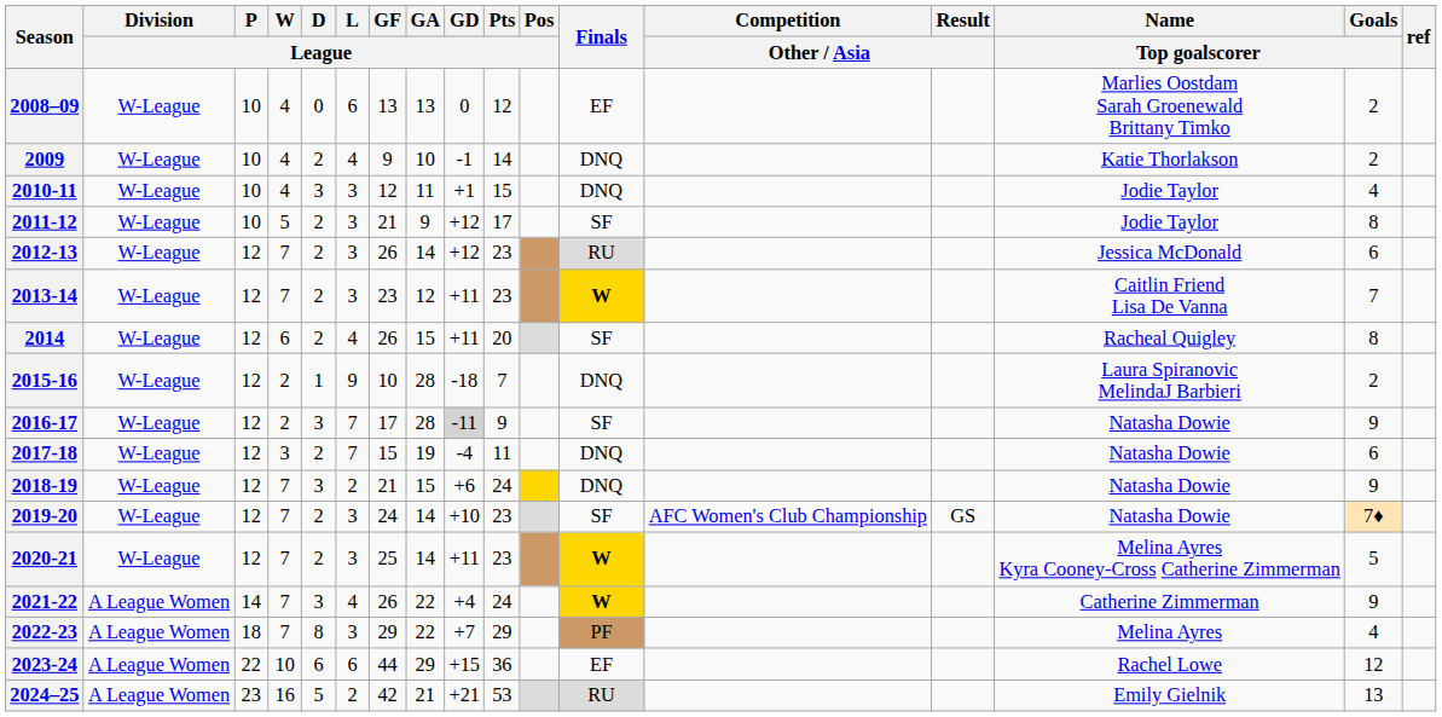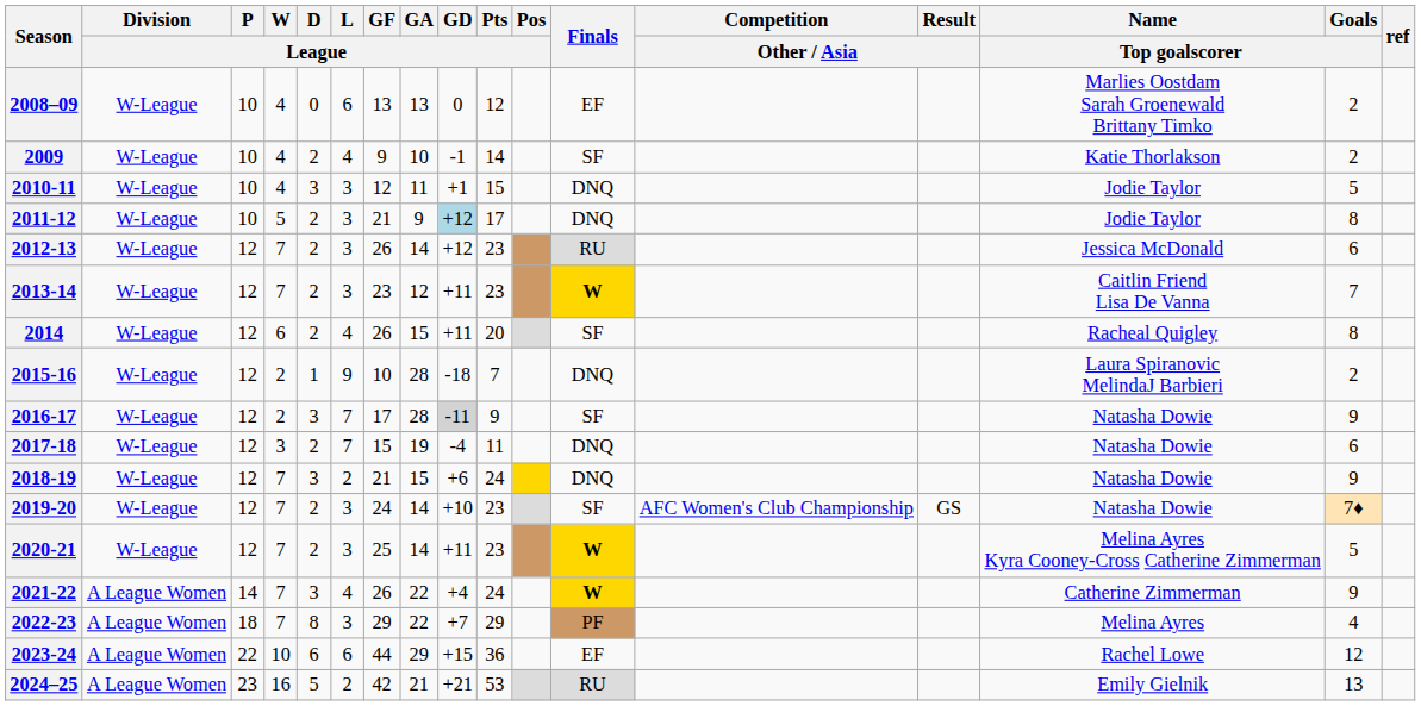 <table class="wikitable sortable" style="text-align: center">
 <tr>
 <th rowspan="2" scope="col">Season</th>
 <th scope="col">Division</th>
 <th scope="col" width="20">P</th>
 <th scope="col" width="20">W</th>
 <th scope="col" width="20">D</th>
 <th scope="col" width="20">L</th>
 <th scope="col" width="20">GF</th>
 <th scope="col" width="20">GA</th>
 <th>GD</th>
 <th scope="col" width="20">Pts</th>
 <th scope="col">Pos</th>
 <th rowspan="2" class="unsortable" scope="col" width="6%"><a href='#'>Finals</a></th>
 <th scope="col">Competition</th>
 <th scope="col">Result</th>
 <th>Name</th>
 <th>Goals</th>
 <th rowspan="2">ref</th>
 </tr>
 <tr class="unsortable">
 <th colspan="10" scope="col">League</th>
 <th colspan="2" scope="col">Other / <a href='#'>Asia</a></th>
 <th colspan="2">Top goalscorer</th>
 </tr>
 <tr>
 <th><a href='#'>2008–09</a></th>
 <td><a href='#'>W-League</a></td>
 <td>10</td>
 <td>4</td>
 <td>0</td>
 <td>6</td>
 <td>13</td>
 <td>13</td>
 <td>0</td>
 <td>12</td>
 <td></td>
 <td>EF</td>
 <td></td>
 <td></td>
 <td><a href='#'>Marlies Oostdam</a><br><a href='#'>Sarah Groenewald</a><br><a href='#'>Brittany Timko</a></td>
 <td>2</td>
 <td></td>
 </tr>
 <tr>
 <th><a href='#'>2009</a></th>
 <td><a href='#'>W-League</a></td>
 <td>10</td>
 <td>4</td>
 <td>2</td>
 <td>4</td>
 <td>9</td>
 <td>10</td>
 <td>-1</td>
 <td>14</td>
 <td></td>
-<td>DNQ</td>
+<td>SF</td>
 <td></td>
 <td></td>
 <td><a href='#'>Katie Thorlakson</a></td>
 <td>2</td>
 <td></td>
 </tr>
 <tr>
 <th><a href='#'>2010-11</a></th>
 <td><a href='#'>W-League</a></td>
 <td>10</td>
 <td>4</td>
 <td>3</td>
 <td>3</td>
 <td>12</td>
 <td>11</td>
 <td>+1</td>
 <td>15</td>
 <td></td>
 <td>DNQ</td>
 <td></td>
 <td></td>
 <td><a href='#'>Jodie Taylor</a></td>
-<td>4</td>
+<td>5</td>
 <td></td>
 </tr>
 <tr>
 <th><a href='#'>2011-12</a></th>
 <td><a href='#'>W-League</a></td>
 <td>10</td>
 <td>5</td>
 <td>2</td>
 <td>3</td>
 <td>21</td>
 <td>9</td>
-<td>+12</td>
+<td style="background: lightblue;">+12</td>
 <td>17</td>
 <td></td>
-<td>SF</td>
+<td>DNQ</td>
 <td></td>
 <td></td>
 <td><a href='#'>Jodie Taylor</a></td>
 <td>8</td>
 <td></td>
 </tr>
 <tr>
 <th><a href='#'>2012-13</a></th>
 <td><a href='#'>W-League</a></td>
 <td>12</td>
 <td>7</td>
 <td>2</td>
 <td>3</td>
 <td>26</td>
 <td>14</td>
 <td>+12</td>
 <td>23</td>
 <td bgcolor="#CC9966"></td>
 <td bgcolor="#DCDCDC">RU</td>
 <td></td>
 <td></td>
 <td><a href='#'>Jessica McDonald</a></td>
 <td>6</td>
 <td></td>
 </tr>
 <tr>
 <th><a href='#'>2013-14</a></th>
 <td><a href='#'>W-League</a></td>
 <td>12</td>
 <td>7</td>
 <td>2</td>
 <td>3</td>
 <td>23</td>
 <td>12</td>
 <td>+11</td>
 <td>23</td>
 <td bgcolor="#CC9966"></td>
 <td bgcolor="gold"><strong>W</strong></td>
 <td></td>
 <td></td>
 <td><a href='#'>Caitlin Friend</a><br><a href='#'>Lisa De Vanna</a></td>
 <td>7</td>
 <td></td>
 </tr>
 <tr>
 <th><a href='#'>2014</a></th>
 <td><a href='#'>W-League</a></td>
 <td>12</td>
 <td>6</td>
 <td>2</td>
 <td>4</td>
 <td>26</td>
 <td>15</td>
 <td>+11</td>
 <td>20</td>
 <td bgcolor="#DCDCDC"></td>
 <td>SF</td>
 <td></td>
 <td></td>
 <td><a href='#'>Racheal Quigley</a></td>
 <td>8</td>
 <td></td>
 </tr>
 <tr>
 <th><a href='#'>2015-16</a></th>
 <td><a href='#'>W-League</a></td>
 <td>12</td>
 <td>2</td>
 <td>1</td>
 <td>9</td>
 <td>10</td>
 <td>28</td>
 <td>-18</td>
 <td>7</td>
 <td></td>
 <td>DNQ</td>
 <td></td>
 <td></td>
 <td><a href='#'>Laura Spiranovic</a><br><a href='#'>MelindaJ Barbieri</a></td>
 <td>2</td>
 <td></td>
 </tr>
 <tr>
 <th><a href='#'>2016-17</a></th>
 <td><a href='#'>W-League</a></td>
 <td>12</td>
 <td>2</td>
 <td>3</td>
 <td>7</td>
 <td>17</td>
 <td>28</td>
 <td style="background: lightgrey;">-11</td>
 <td>9</td>
 <td></td>
 <td>SF</td>
 <td></td>
 <td></td>
 <td><a href='#'>Natasha Dowie</a></td>
 <td>9</td>
 <td></td>
 </tr>
 <tr>
 <th><a href='#'>2017-18</a></th>
 <td><a href='#'>W-League</a></td>
 <td>12</td>
 <td>3</td>
 <td>2</td>
 <td>7</td>
 <td>15</td>
 <td>19</td>
 <td>-4</td>
 <td>11</td>
 <td></td>
 <td>DNQ</td>
 <td></td>
 <td></td>
 <td><a href='#'>Natasha Dowie</a></td>
 <td>6</td>
 <td></td>
 </tr>
 <tr>
 <th><a href='#'>2018-19</a></th>
 <td><a href='#'>W-League</a></td>
 <td>12</td>
 <td>7</td>
 <td>3</td>
 <td>2</td>
 <td>21</td>
 <td>15</td>
 <td>+6</td>
 <td>24</td>
 <td bgcolor="gold"><strong></strong></td>
 <td>DNQ</td>
 <td></td>
 <td></td>
 <td><a href='#'>Natasha Dowie</a></td>
 <td>9</td>
 <td></td>
 </tr>
 <tr>
 <th><a href='#'>2019-20</a></th>
 <td><a href='#'>W-League</a></td>
 <td>12</td>
 <td>7</td>
 <td>2</td>
 <td>3</td>
 <td>24</td>
 <td>14</td>
 <td>+10</td>
 <td>23</td>
 <td bgcolor="#DCDCDC"></td>
 <td>SF</td>
 <td><a href='#'>AFC Women's Club Championship</a></td>
 <td>GS</td>
 <td><a href='#'>Natasha Dowie</a></td>
 <td bgcolor=#FFE4B5>7♦</td>
 <td></td>
 </tr>
 <tr>
 <th><a href='#'>2020-21</a></th>
 <td><a href='#'>W-League</a></td>
 <td>12</td>
 <td>7</td>
 <td>2</td>
 <td>3</td>
 <td>25</td>
 <td>14</td>
 <td>+11</td>
 <td>23</td>
 <td bgcolor="#CC9966"></td>
 <td bgcolor="gold"><strong>W</strong></td>
 <td></td>
 <td></td>
 <td><a href='#'>Melina Ayres</a><br><a href='#'>Kyra Cooney-Cross</a> <a href='#'>Catherine Zimmerman</a></td>
 <td>5</td>
 <td></td>
 </tr>
 <tr>
 <th><a href='#'>2021-22</a></th>
 <td><a href='#'>A League Women</a></td>
 <td>14</td>
 <td>7</td>
 <td>3</td>
 <td>4</td>
 <td>26</td>
 <td>22</td>
 <td>+4</td>
 <td>24</td>
 <td></td>
 <td bgcolor="gold"><strong>W</strong></td>
 <td></td>
 <td></td>
 <td><a href='#'>Catherine Zimmerman</a></td>
 <td>9</td>
 <td></td>
 </tr>
 <tr>
 <th><a href='#'>2022-23</a></th>
 <td><a href='#'>A League Women</a></td>
 <td>18</td>
 <td>7</td>
 <td>8</td>
 <td>3</td>
 <td>29</td>
 <td>22</td>
 <td>+7</td>
 <td>29</td>
 <td></td>
 <td bgcolor="#CC9966">PF</td>
 <td></td>
 <td></td>
 <td><a href='#'>Melina Ayres</a></td>
 <td>4</td>
 <td></td>
 </tr>
 <tr>
 <th><a href='#'>2023-24</a></th>
 <td><a href='#'>A League Women</a></td>
 <td>22</td>
 <td>10</td>
 <td>6</td>
 <td>6</td>
 <td>44</td>
 <td>29</td>
 <td>+15</td>
 <td>36</td>
 <td></td>
 <td>EF</td>
 <td></td>
 <td></td>
 <td><a href='#'>Rachel Lowe</a></td>
 <td>12</td>
 <td></td>
 </tr>
 <tr>
 <th><a href='#'>2024–25</a></th>
 <td><a href='#'>A League Women</a></td>
 <td>23</td>
 <td>16</td>
 <td>5</td>
 <td>2</td>
 <td>42</td>
 <td>21</td>
 <td>+21</td>
 <td>53</td>
 <td bgcolor="#DCDCDC"></td>
 <td bgcolor="#DCDCDC">RU</td>
 <td></td>
 <td></td>
 <td><a href='#'>Emily Gielnik</a></td>
 <td>13</td>
 <td></td>
 </tr>
 </table>
